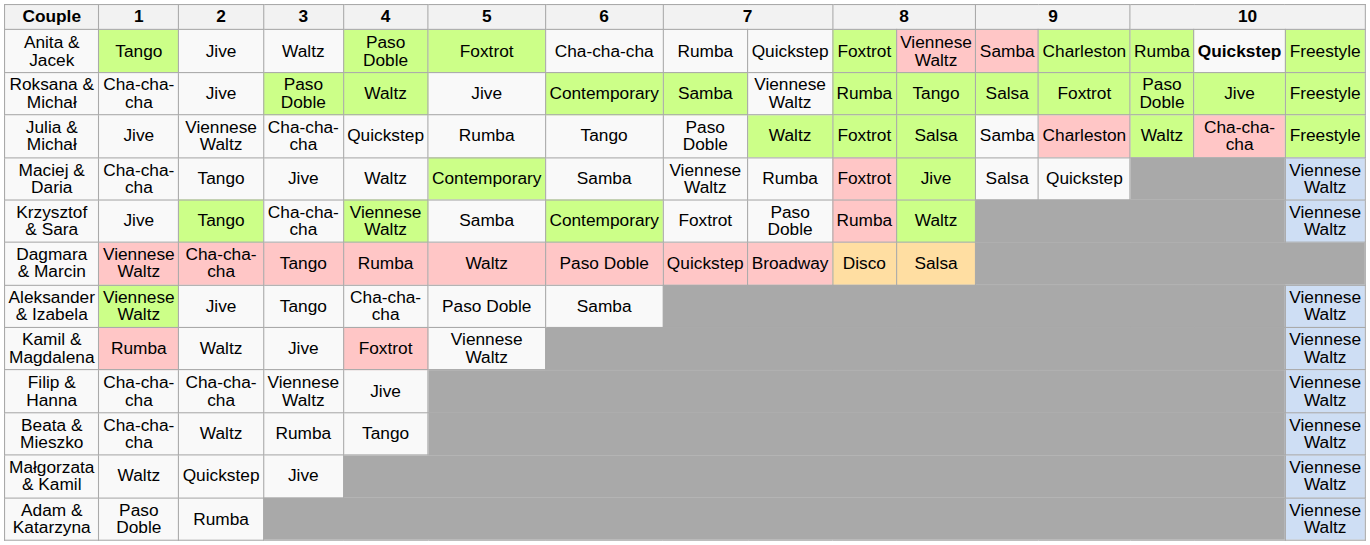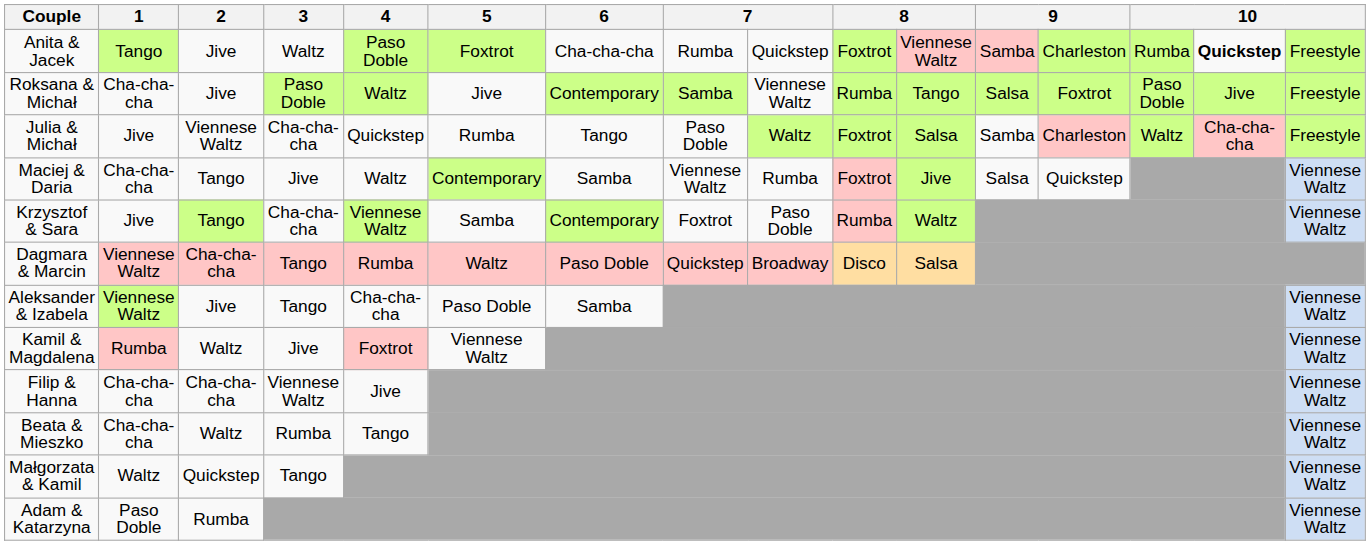 <table class="wikitable" style="text-align:center; font-size:100%; line-height:16px">
 <tr>
 <th>Couple</th>
 <th>1</th>
 <th>2</th>
 <th>3</th>
 <th>4</th>
 <th>5</th>
 <th>6</th>
 <th colspan="2">7</th>
 <th colspan="2">8</th>
 <th colspan="2">9</th>
 <th colspan="3">10</th>
 </tr>
 <tr>
 <td>Anita & Jacek</td>
 <td style="background:#ccff88;">Tango</td>
 <td>Jive</td>
 <td>Waltz</td>
 <td style="background:#ccff88;">Paso Doble</td>
 <td style="background:#ccff88;">Foxtrot</td>
 <td>Cha-cha-cha</td>
 <td>Rumba</td>
 <td>Quickstep</td>
 <td style="background:#ccff88;">Foxtrot</td>
 <td style="background:#ffc6c6;">Viennese Waltz</td>
 <td style="background:#ffc6c6;">Samba</td>
 <td style="background:#ccff88;">Charleston</td>
 <td style="background:#ccff88;">Rumba</td>
 <td><strong>Quickstep</strong></td>
 <td style="background:#ccff88;">Freestyle</td>
 </tr>
 <tr>
 <td>Roksana & Michał</td>
 <td>Cha-cha-cha</td>
 <td>Jive</td>
 <td style="background:#ccff88;">Paso Doble</td>
 <td style="background:#ccff88;">Waltz</td>
 <td>Jive</td>
 <td style="background:#ccff88;">Contemporary</td>
 <td style="background:#ccff88;">Samba</td>
 <td>Viennese Waltz</td>
 <td style="background:#ccff88;">Rumba</td>
 <td style="background:#ccff88;">Tango</td>
 <td style="background:#ccff88;">Salsa</td>
 <td style="background:#ccff88;">Foxtrot</td>
 <td style="background:#ccff88;">Paso Doble</td>
 <td style="background:#ccff88;">Jive</td>
 <td style="background:#ccff88;">Freestyle</td>
 </tr>
 <tr>
 <td>Julia & Michał</td>
 <td>Jive</td>
 <td>Viennese Waltz</td>
 <td>Cha-cha-cha</td>
 <td>Quickstep</td>
 <td>Rumba</td>
 <td>Tango</td>
 <td>Paso Doble</td>
 <td style="background:#ccff88;">Waltz</td>
 <td style="background:#ccff88;">Foxtrot</td>
 <td style="background:#ccff88;">Salsa</td>
 <td>Samba</td>
 <td style="background:#ffc6c6;">Charleston</td>
 <td style="background:#ccff88;">Waltz</td>
 <td style="background:#ffc6c6;">Cha-cha-cha</td>
 <td style="background:#ccff88;">Freestyle</td>
 </tr>
 <tr>
 <td>Maciej & Daria</td>
 <td>Cha-cha-cha</td>
 <td>Tango</td>
 <td>Jive</td>
 <td>Waltz</td>
 <td style="background:#ccff88;">Contemporary</td>
 <td>Samba</td>
 <td>Viennese Waltz</td>
 <td>Rumba</td>
 <td style="background:#ffc6c6;">Foxtrot</td>
 <td style="background:#ccff88;">Jive</td>
 <td>Salsa</td>
 <td>Quickstep</td>
 <td style="background:darkgrey;" colspan="2"></td>
 <td style="background:#CEDEF4">Viennese Waltz</td>
 </tr>
 <tr>
 <td>Krzysztof & Sara</td>
 <td>Jive</td>
 <td style="background:#ccff88;">Tango</td>
 <td>Cha-cha-cha</td>
 <td style="background:#ccff88;">Viennese Waltz</td>
 <td>Samba</td>
 <td style="background:#ccff88;">Contemporary</td>
 <td>Foxtrot</td>
 <td>Paso Doble</td>
 <td style="background:#ffc6c6;">Rumba</td>
 <td style="background:#ccff88;">Waltz</td>
 <td style="background:darkgrey;" colspan="4"></td>
 <td style="background:#CEDEF4">Viennese Waltz</td>
 </tr>
 <tr>
 <td>Dagmara & Marcin</td>
 <td style="background:#ffc6c6;">Viennese Waltz</td>
 <td style="background:#ffc6c6;">Cha-cha-cha</td>
 <td style="background:#ffc6c6;">Tango</td>
 <td style="background:#ffc6c6;">Rumba</td>
 <td style="background:#ffc6c6;">Waltz</td>
 <td style="background:#ffc6c6;">Paso Doble</td>
 <td style="background:#ffc6c6;">Quickstep</td>
 <td style="background:#ffc6c6;">Broadway</td>
 <td style="background:#FFDEA2;">Disco</td>
 <td style="background:#FFDEA2;">Salsa</td>
 <td style="background:darkgrey;" colspan="5"></td>
 </tr>
 <tr>
 <td>Aleksander & Izabela</td>
 <td style="background:#ccff88;">Viennese Waltz</td>
 <td>Jive</td>
 <td>Tango</td>
 <td>Cha-cha-cha</td>
 <td>Paso Doble</td>
 <td>Samba</td>
 <td style="background:darkgrey;" colspan="8"></td>
 <td style="background:#CEDEF4">Viennese Waltz</td>
 </tr>
 <tr>
 <td>Kamil & Magdalena</td>
 <td style="background:#ffc6c6;">Rumba</td>
 <td>Waltz</td>
 <td>Jive</td>
 <td style="background:#ffc6c6;">Foxtrot</td>
 <td>Viennese Waltz</td>
 <td style="background:darkgrey;" colspan="9"></td>
 <td style="background:#CEDEF4">Viennese Waltz</td>
 </tr>
 <tr>
 <td>Filip & Hanna</td>
 <td>Cha-cha-cha</td>
 <td>Cha-cha-cha</td>
 <td>Viennese Waltz</td>
 <td>Jive</td>
 <td style="background:darkgrey;" colspan="10"></td>
 <td style="background:#CEDEF4">Viennese Waltz</td>
 </tr>
 <tr>
 <td>Beata & Mieszko</td>
 <td>Cha-cha-cha</td>
 <td>Waltz</td>
 <td>Rumba</td>
 <td>Tango</td>
 <td style="background:darkgrey;" colspan="10"></td>
 <td style="background:#CEDEF4">Viennese Waltz</td>
 </tr>
 <tr>
 <td>Małgorzata & Kamil</td>
 <td>Waltz</td>
 <td>Quickstep</td>
-<td>Jive</td>
+<td>Tango</td>
 <td style="background:darkgrey;" colspan="11"></td>
 <td style="background:#CEDEF4">Viennese Waltz</td>
 </tr>
 <tr>
 <td>Adam & Katarzyna</td>
 <td>Paso Doble</td>
 <td>Rumba</td>
 <td style="background:darkgrey;" colspan="12"></td>
 <td style="background:#CEDEF4">Viennese Waltz</td>
 </tr>
 </table>
